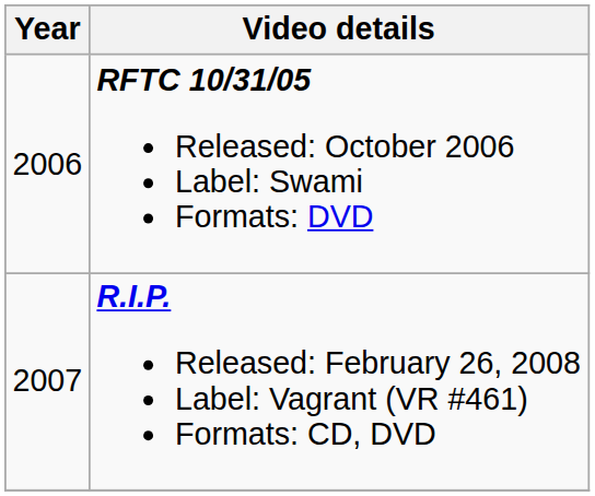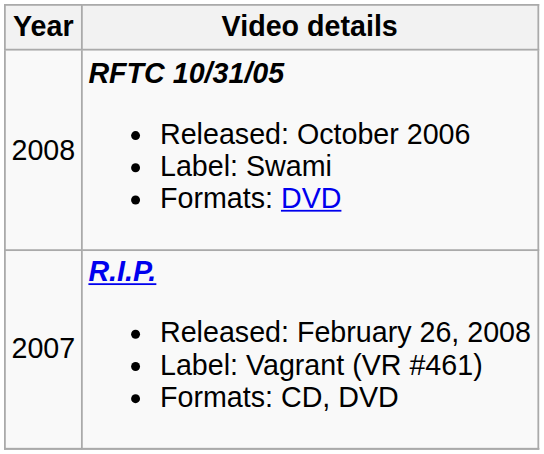 <table class ="wikitable">
 <tr>
 <th>Year</th>
 <th>Video details</th>
 </tr>
 <tr>
-<td>2006</td>
+<td>2008</td>
 <td><strong><em>RFTC 10/31/05</em></strong><br><ul><li>Released: October 2006</li><li>Label: Swami</li><li>Formats: <a href='#'>DVD</a></li></ul></td>
 </tr>
 <tr>
 <td>2007</td>
 <td><strong><em><a href='#'>R.I.P.</a></em></strong><br><ul><li>Released: February 26, 2008</li><li>Label: Vagrant (VR #461)</li><li>Formats: CD, DVD</li></ul></td>
 </tr>
 <tr>
 </tr>
 </table>
